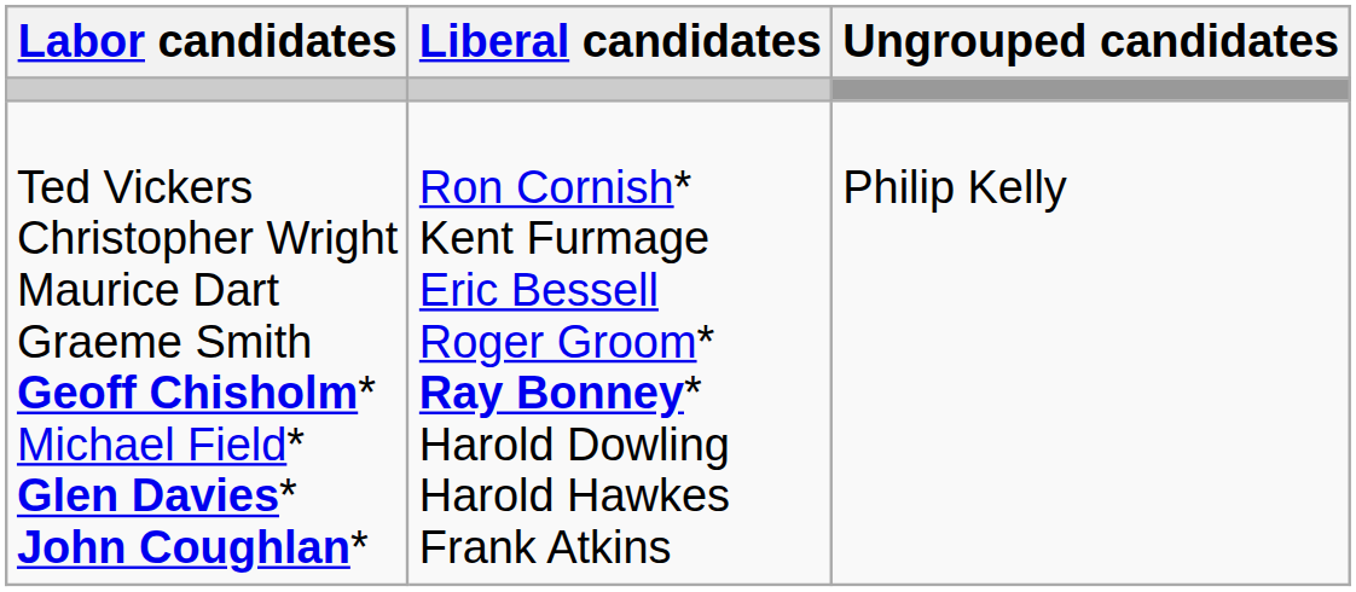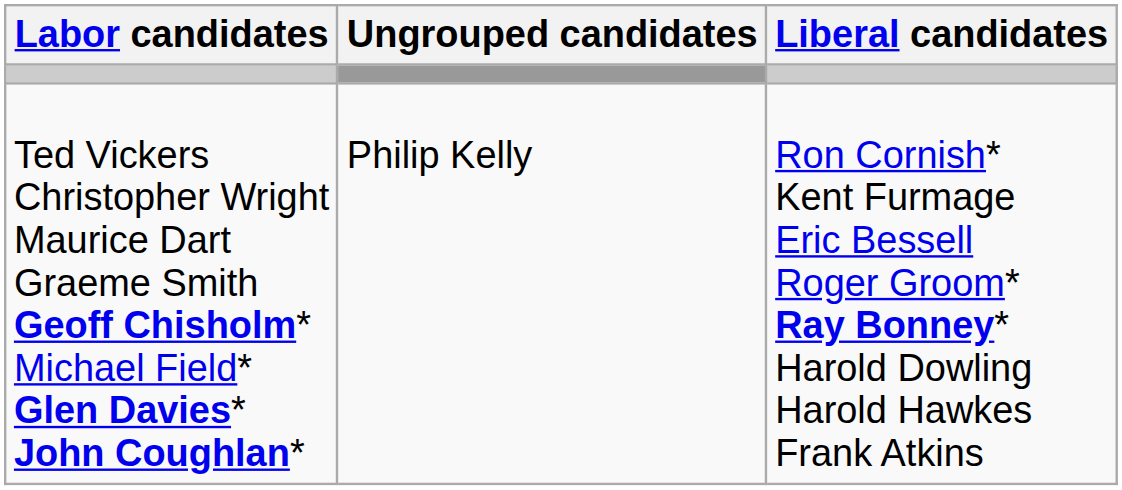 <table class="wikitable">
 <tr>
 <th><a href='#'>Labor</a> candidates</th>
+<th>Ungrouped candidates</th>
 <th><a href='#'>Liberal</a> candidates</th>
-<th>Ungrouped candidates</th>
 </tr>
 <tr bgcolor="#cccccc">
 <td></td>
+<td bgcolor="#999999"></td>
 <td></td>
-<td bgcolor="#999999"></td>
 </tr>
 <tr>
 <td><br>Ted Vickers<br> Christopher Wright<br> Maurice Dart<br> Graeme Smith<br> <strong><a href='#'>Geoff Chisholm</a></strong>*<br> <a href='#'>Michael Field</a>*<br> <strong><a href='#'>Glen Davies</a></strong>*<br> <strong><a href='#'>John Coughlan</a></strong>*</td>
+<td valign=top><br>Philip Kelly</td>
 <td><br><a href='#'>Ron Cornish</a>*<br> Kent Furmage<br> <a href='#'>Eric Bessell</a><br> <a href='#'>Roger Groom</a>*<br> <strong><a href='#'>Ray Bonney</a></strong>*<br> Harold Dowling<br> Harold Hawkes<br> Frank Atkins</td>
-<td valign=top><br>Philip Kelly</td>
 </tr>
 </table>
